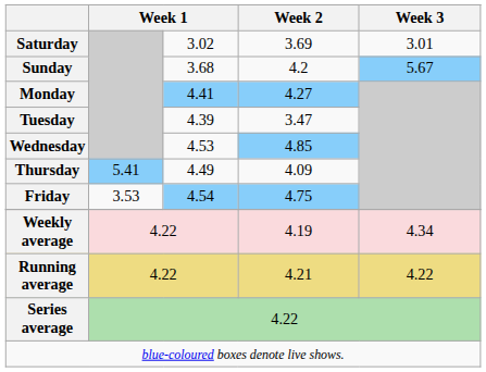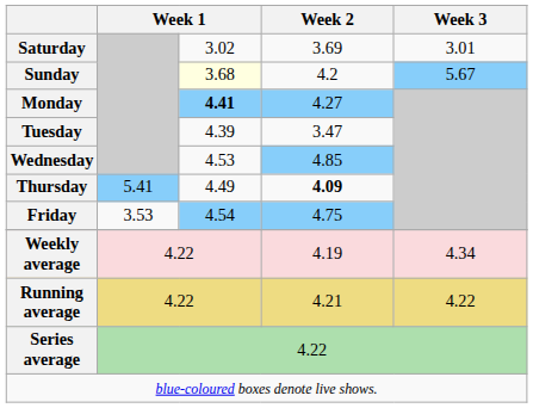 <table class="wikitable" style="font-size:90%; text-align:center; width: 50%; margin-left: auto; margin-right: auto;">
 <tr>
 <th scope="col" rowspan="2" style="width:15%;"></th>
 </tr>
 <tr>
 <th colspan=2>Week 1</th>
 <th>Week 2</th>
 <th>Week 3</th>
 </tr>
 <tr>
 <th>Saturday</th>
 <td style="background:#ccc;" rowspan="5"></td>
 <td>3.02</td>
 <td>3.69</td>
 <td>3.01</td>
 </tr>
 <tr>
 <th>Sunday</th>
-<td>3.68</td>
+<td style="background: lightyellow;">3.68</td>
 <td>4.2</td>
 <td style="background:#87CEFA;">5.67</td>
 </tr>
 <tr>
 <th>Monday</th>
-<td style="background:#87CEFA;">4.41</td>
+<td style="background:#87CEFA;"><strong>4.41</strong></td>
 <td style="background:#87CEFA;">4.27</td>
 <td style="background:#ccc;" rowspan="5"></td>
 </tr>
 <tr>
 <th>Tuesday</th>
 <td>4.39</td>
 <td>3.47</td>
 </tr>
 <tr>
 <th>Wednesday</th>
 <td>4.53</td>
 <td style="background:#87CEFA;">4.85</td>
 </tr>
 <tr>
 <th>Thursday</th>
 <td style="background:#87CEFA;">5.41</td>
 <td>4.49</td>
-<td>4.09</td>
+<td><strong>4.09</strong></td>
 </tr>
 <tr>
 <th>Friday</th>
 <td>3.53</td>
 <td style="background:#87CEFA;">4.54</td>
 <td style="background:#87CEFA;">4.75</td>
 </tr>
 <tr>
 </tr>
 <tr style="background:#FADADD;" |>
 <th>Weekly average</th>
 <td colspan=2>4.22</td>
 <td>4.19</td>
 <td colspan="2">4.34</td>
 </tr>
 <tr style="background:#EEDC82;" |>
 <th>Running average</th>
 <td colspan=2>4.22</td>
 <td>4.21</td>
 <td colspan="2">4.22</td>
 </tr>
 <tr style="background:#ADDFAD;" |>
 <th>Series average</th>
 <td colspan="5">4.22</td>
 </tr>
 <tr>
 <td colspan=5><small><em><a href='#'>blue-coloured</a> boxes denote live shows.</em></small></td>
 </tr>
 </table>
